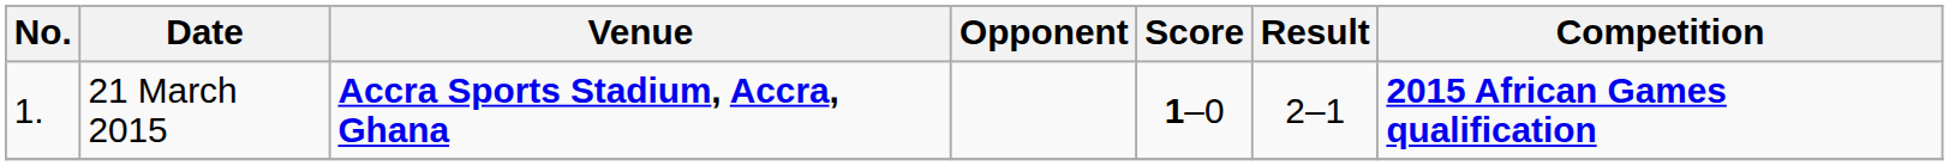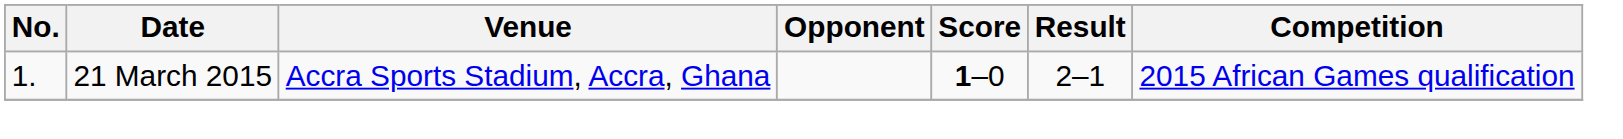 <table class="wikitable">
 <tr>
 <th>No.</th>
 <th>Date</th>
 <th>Venue</th>
 <th>Opponent</th>
 <th>Score</th>
 <th>Result</th>
 <th>Competition</th>
 </tr>
 <tr>
 <td>1.</td>
 <td>21 March 2015</td>
-<td><strong><a href='#'>Accra Sports Stadium</a>, <a href='#'>Accra</a>, <a href='#'>Ghana</a></strong></td>
+<td><a href='#'>Accra Sports Stadium</a>, <a href='#'>Accra</a>, <a href='#'>Ghana</a></td>
 <td></td>
 <td align=center><strong>1</strong>–0</td>
 <td align=center>2–1</td>
-<td><strong><a href='#'>2015 African Games qualification</a></strong></td>
+<td><a href='#'>2015 African Games qualification</a></td>
 </tr>
 <tr>
 </tr>
 </table>
